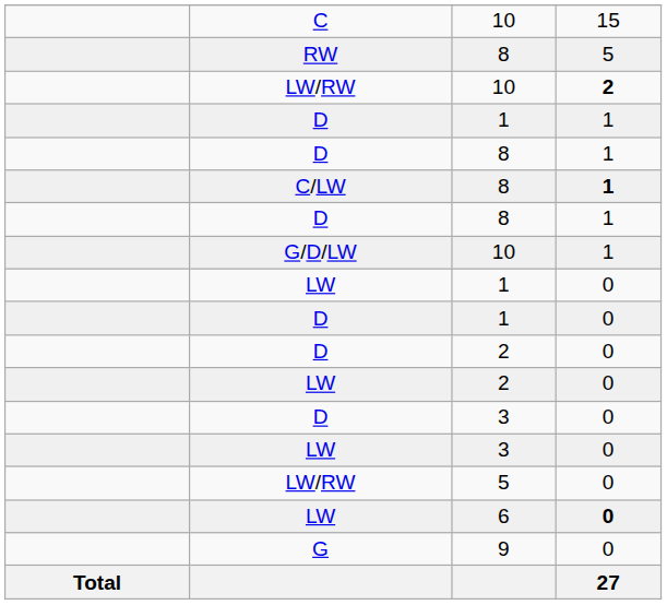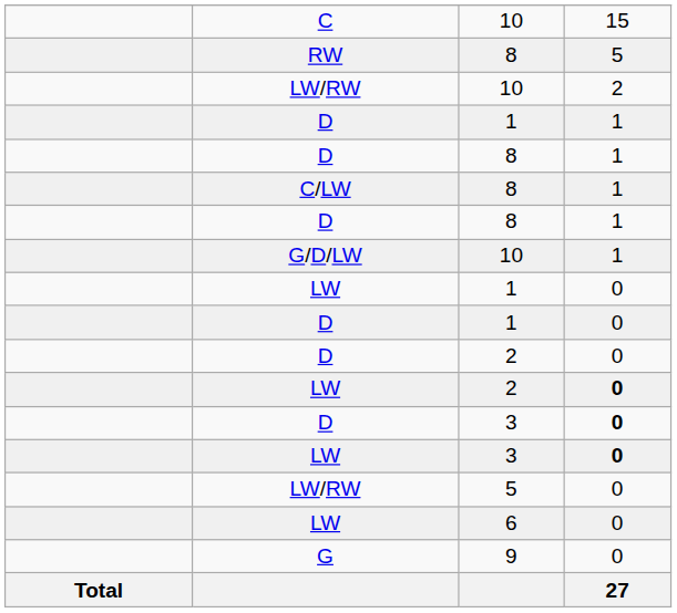 <table class="wikitable sortable" width ="40%">
 <tr align="center">
 </tr>
 <tr align="center" bgcolor="">
 <td></td>
 <td><a href='#'>C</a></td>
 <td>10</td>
 <td>15</td>
 </tr>
 <tr align="center" bgcolor="f0f0f0">
 <td></td>
 <td><a href='#'>RW</a></td>
 <td>8</td>
 <td>5</td>
 </tr>
 <tr align="center" bgcolor="">
 <td></td>
 <td><a href='#'>LW</a>/<a href='#'>RW</a></td>
 <td>10</td>
-<td><strong>2</strong></td>
+<td>2</td>
 </tr>
 <tr align="center" bgcolor="f0f0f0">
 <td></td>
 <td><a href='#'>D</a></td>
 <td>1</td>
 <td>1</td>
 </tr>
 <tr align="center" bgcolor="">
 <td></td>
 <td><a href='#'>D</a></td>
 <td>8</td>
 <td>1</td>
 </tr>
 <tr align="center" bgcolor="f0f0f0">
 <td></td>
 <td><a href='#'>C</a>/<a href='#'>LW</a></td>
 <td>8</td>
-<td><strong>1</strong></td>
+<td>1</td>
 </tr>
 <tr align="center" bgcolor="">
 <td></td>
 <td><a href='#'>D</a></td>
 <td>8</td>
 <td>1</td>
 </tr>
 <tr align="center" bgcolor="f0f0f0">
 <td></td>
 <td><a href='#'>G</a>/<a href='#'>D</a>/<a href='#'>LW</a></td>
 <td>10</td>
 <td>1</td>
 </tr>
 <tr align="center" bgcolor="">
 <td></td>
 <td><a href='#'>LW</a></td>
 <td>1</td>
 <td>0</td>
 </tr>
 <tr align="center" bgcolor="f0f0f0">
 <td></td>
 <td><a href='#'>D</a></td>
 <td>1</td>
 <td>0</td>
 </tr>
 <tr align="center" bgcolor="">
 <td></td>
 <td><a href='#'>D</a></td>
 <td>2</td>
 <td>0</td>
 </tr>
 <tr align="center" bgcolor="f0f0f0">
 <td></td>
 <td><a href='#'>LW</a></td>
 <td>2</td>
-<td>0</td>
+<td><strong>0</strong></td>
 </tr>
 <tr align="center" bgcolor="">
 <td></td>
 <td><a href='#'>D</a></td>
 <td>3</td>
-<td>0</td>
+<td><strong>0</strong></td>
 </tr>
 <tr align="center" bgcolor="f0f0f0">
 <td></td>
 <td><a href='#'>LW</a></td>
 <td>3</td>
-<td>0</td>
+<td><strong>0</strong></td>
 </tr>
 <tr align="center" bgcolor="">
 <td></td>
 <td><a href='#'>LW</a>/<a href='#'>RW</a></td>
 <td>5</td>
 <td>0</td>
 </tr>
 <tr align="center" bgcolor="f0f0f0">
 <td></td>
 <td><a href='#'>LW</a></td>
 <td>6</td>
-<td><strong>0</strong></td>
+<td>0</td>
 </tr>
 <tr align="center" bgcolor="">
 <td></td>
 <td><a href='#'>G</a></td>
 <td>9</td>
 <td>0</td>
 </tr>
 <tr>
 <th>Total</th>
 <th></th>
 <th></th>
 <th>27</th>
 </tr>
 </table>
